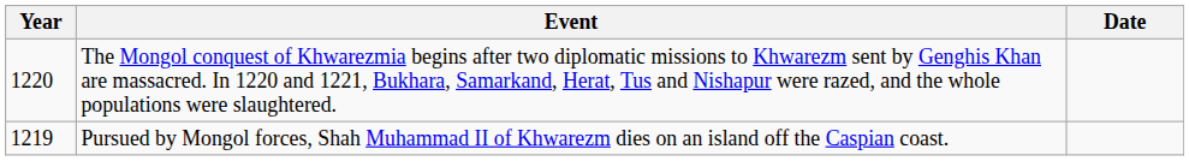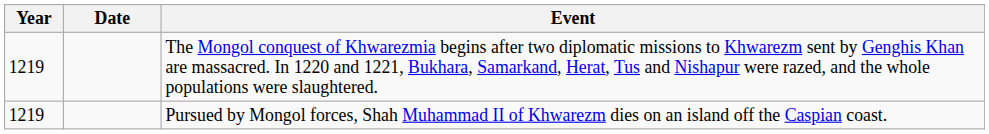 <table class="wikitable" width="100%">
 <tr>
 <th style="width:6%">Year</th>
+<th style="width:10%">Date</th>
 <th>Event</th>
-<th style="width:10%">Date</th>
-</tr>
-<tr>
-<td>1220</td>
-<td>The <a href='#'>Mongol conquest of Khwarezmia</a> begins after two diplomatic missions to <a href='#'>Khwarezm</a> sent by <a href='#'>Genghis Khan</a> are massacred. In 1220 and 1221, <a href='#'>Bukhara</a>, <a href='#'>Samarkand</a>, <a href='#'>Herat</a>, <a href='#'>Tus</a> and <a href='#'>Nishapur</a> were razed, and the whole populations were slaughtered.</td>
-<td></td>
 </tr>
 <tr>
 <td>1219</td>
+<td></td>
+<td>The <a href='#'>Mongol conquest of Khwarezmia</a> begins after two diplomatic missions to <a href='#'>Khwarezm</a> sent by <a href='#'>Genghis Khan</a> are massacred. In 1220 and 1221, <a href='#'>Bukhara</a>, <a href='#'>Samarkand</a>, <a href='#'>Herat</a>, <a href='#'>Tus</a> and <a href='#'>Nishapur</a> were razed, and the whole populations were slaughtered.</td>
+</tr>
+<tr>
+<td>1219</td>
+<td></td>
 <td>Pursued by Mongol forces, Shah <a href='#'>Muhammad II of Khwarezm</a> dies on an island off the <a href='#'>Caspian</a> coast.</td>
-<td></td>
 </tr>
 </table>
